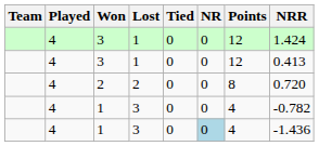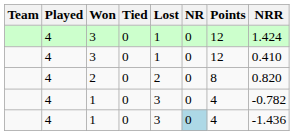 <table class="wikitable">
 <tr>
 <th>Team</th>
 <th>Played</th>
 <th>Won</th>
+<th>Tied</th>
 <th>Lost</th>
-<th>Tied</th>
 <th>NR</th>
 <th>Points</th>
 <th>NRR</th>
 </tr>
 <tr style="background:#ccffcc">
 <td></td>
 <td>4</td>
 <td>3</td>
+<td>0</td>
 <td>1</td>
-<td>0</td>
 <td>0</td>
 <td>12</td>
 <td>1.424</td>
 </tr>
 <tr>
 <td></td>
 <td>4</td>
 <td>3</td>
+<td>0</td>
 <td>1</td>
 <td>0</td>
-<td>0</td>
 <td>12</td>
-<td>0.413</td>
+<td>0.410</td>
 </tr>
 <tr>
 <td></td>
 <td>4</td>
 <td>2</td>
+<td>0</td>
 <td>2</td>
 <td>0</td>
-<td>0</td>
 <td>8</td>
-<td>0.720</td>
+<td>0.820</td>
 </tr>
 <tr>
 <td></td>
 <td>4</td>
 <td>1</td>
+<td>0</td>
 <td>3</td>
-<td>0</td>
 <td>0</td>
 <td>4</td>
 <td>-0.782</td>
 </tr>
 <tr>
 <td></td>
 <td>4</td>
 <td>1</td>
+<td>0</td>
 <td>3</td>
-<td>0</td>
 <td style="background: lightblue;">0</td>
 <td>4</td>
 <td>-1.436</td>
 </tr>
 </table>
